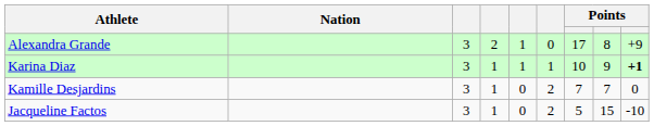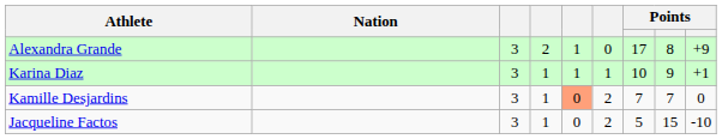 <table class="wikitable" style="text-align: center; font-size:100% ">
 <tr>
 <th rowspan=2 width=250>Athlete</th>
 <th rowspan=2 width=250>Nation</th>
 <th rowspan=2 width=25></th>
 <th rowspan=2 width=25></th>
 <th rowspan=2 width=25></th>
 <th rowspan=2 width=25></th>
 <th colspan=3>Points</th>
 </tr>
 <tr>
 <th width=25></th>
 <th width=25></th>
 <th width=25></th>
 </tr>
 <tr bgcolor="ccffcc">
 <td align=left><a href='#'>Alexandra Grande</a></td>
 <td align=left></td>
 <td>3</td>
 <td>2</td>
 <td>1</td>
 <td>0</td>
 <td>17</td>
 <td>8</td>
 <td>+9</td>
 </tr>
 <tr bgcolor="ccffcc">
 <td align=left><a href='#'>Karina Diaz</a></td>
 <td align=left></td>
 <td>3</td>
 <td>1</td>
 <td>1</td>
 <td>1</td>
 <td>10</td>
 <td>9</td>
-<td><strong>+1</strong></td>
+<td>+1</td>
 </tr>
 <tr>
 <td align=left><a href='#'>Kamille Desjardins</a></td>
 <td align=left></td>
 <td>3</td>
 <td>1</td>
-<td>0</td>
+<td style="background: lightsalmon;">0</td>
 <td>2</td>
 <td>7</td>
 <td>7</td>
 <td>0</td>
 </tr>
 <tr>
 <td align=left><a href='#'>Jacqueline Factos</a></td>
 <td align=left></td>
 <td>3</td>
 <td>1</td>
 <td>0</td>
 <td>2</td>
 <td>5</td>
 <td>15</td>
 <td>-10</td>
 </tr>
 </table>
